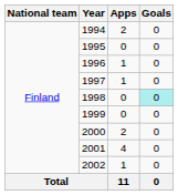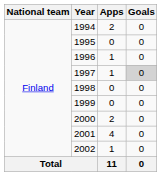 <table class="wikitable" style="text-align:center">
 <tr>
 <th>National team</th>
 <th>Year</th>
 <th>Apps</th>
 <th>Goals</th>
 </tr>
 <tr>
 <td rowspan="9"><a href='#'>Finland</a></td>
 <td>1994</td>
 <td>2</td>
 <td>0</td>
 </tr>
 <tr>
 <td>1995</td>
 <td>0</td>
 <td>0</td>
 </tr>
 <tr>
 <td>1996</td>
 <td>1</td>
 <td>0</td>
 </tr>
 <tr>
 <td>1997</td>
 <td>1</td>
-<td>0</td>
+<td style="background: lightgrey;">0</td>
 </tr>
 <tr>
 <td>1998</td>
 <td>0</td>
-<td style="background: paleturquoise;">0</td>
+<td>0</td>
 </tr>
 <tr>
 <td>1999</td>
 <td>0</td>
 <td>0</td>
 </tr>
 <tr>
 <td>2000</td>
 <td>2</td>
 <td>0</td>
 </tr>
 <tr>
 <td>2001</td>
 <td>4</td>
 <td>0</td>
 </tr>
 <tr>
 <td>2002</td>
 <td>1</td>
 <td>0</td>
 </tr>
 <tr>
 <th colspan="2">Total</th>
 <th>11</th>
 <th>0</th>
 </tr>
 </table>
